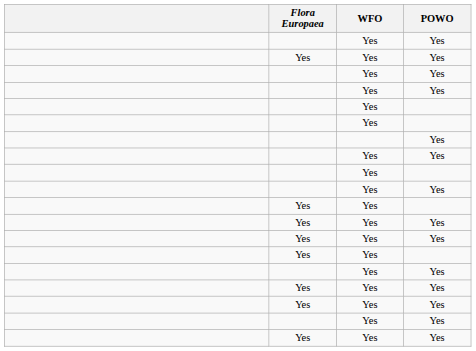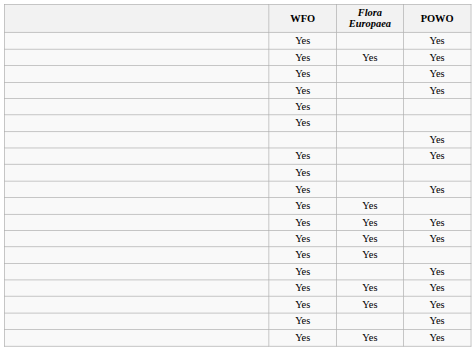 <table class="wikitable">
 <tr>
 <th style="width: 25em"></th>
+<th style="width: 6em"><strong>WFO</strong></th>
 <th style="width: 6em"><strong><em>Flora Europaea</em></strong></th>
-<th style="width: 6em"><strong>WFO</strong></th>
 <th style="width: 6em"><strong>POWO</strong></th>
 </tr>
 <tr>
 <td style="vertical-align: top; text-align: left"> </td>
+<td style="vertical-align: top; text-align: center">Yes</td>
 <td style="vertical-align: top; text-align: center"></td>
-<td style="vertical-align: top; text-align: center">Yes</td>
 <td style="vertical-align: top; text-align: center">Yes</td>
 </tr>
 <tr>
 <td style="vertical-align: top; text-align: left"> </td>
 <td style="vertical-align: top; text-align: center">Yes</td>
 <td style="vertical-align: top; text-align: center">Yes</td>
 <td style="vertical-align: top; text-align: center">Yes</td>
 </tr>
 <tr>
 <td style="vertical-align: top; text-align: left"> </td>
+<td style="vertical-align: top; text-align: center">Yes</td>
 <td style="vertical-align: top; text-align: center"></td>
-<td style="vertical-align: top; text-align: center">Yes</td>
 <td style="vertical-align: top; text-align: center">Yes</td>
 </tr>
 <tr>
 <td style="vertical-align: top; text-align: left"> </td>
+<td style="vertical-align: top; text-align: center">Yes</td>
 <td style="vertical-align: top; text-align: center"></td>
-<td style="vertical-align: top; text-align: center">Yes</td>
 <td style="vertical-align: top; text-align: center">Yes</td>
 </tr>
 <tr>
 <td style="vertical-align: top; text-align: left"> </td>
+<td style="vertical-align: top; text-align: center">Yes</td>
 <td style="vertical-align: top; text-align: center"></td>
-<td style="vertical-align: top; text-align: center">Yes</td>
 <td style="vertical-align: top; text-align: center"></td>
 </tr>
 <tr>
 <td style="vertical-align: top; text-align: left"> </td>
+<td style="vertical-align: top; text-align: center">Yes</td>
 <td style="vertical-align: top; text-align: center"></td>
-<td style="vertical-align: top; text-align: center">Yes</td>
 <td style="vertical-align: top; text-align: center"></td>
 </tr>
 <tr>
 <td style="vertical-align: top; text-align: left"> </td>
 <td style="vertical-align: top; text-align: center"></td>
 <td style="vertical-align: top; text-align: center"></td>
 <td style="vertical-align: top; text-align: center">Yes</td>
 </tr>
 <tr>
 <td style="vertical-align: top; text-align: left"> </td>
+<td style="vertical-align: top; text-align: center">Yes</td>
 <td style="vertical-align: top; text-align: center"></td>
-<td style="vertical-align: top; text-align: center">Yes</td>
 <td style="vertical-align: top; text-align: center">Yes</td>
 </tr>
 <tr>
 <td style="vertical-align: top; text-align: left"> </td>
+<td style="vertical-align: top; text-align: center">Yes</td>
 <td style="vertical-align: top; text-align: center"></td>
-<td style="vertical-align: top; text-align: center">Yes</td>
 <td style="vertical-align: top; text-align: center"></td>
 </tr>
 <tr>
 <td style="vertical-align: top; text-align: left"> </td>
+<td style="vertical-align: top; text-align: center">Yes</td>
 <td style="vertical-align: top; text-align: center"></td>
-<td style="vertical-align: top; text-align: center">Yes</td>
 <td style="vertical-align: top; text-align: center">Yes</td>
 </tr>
 <tr>
 <td style="vertical-align: top; text-align: left"> </td>
 <td style="vertical-align: top; text-align: center">Yes</td>
 <td style="vertical-align: top; text-align: center">Yes</td>
 <td style="vertical-align: top; text-align: center"></td>
 </tr>
 <tr>
 <td style="vertical-align: top; text-align: left"> </td>
 <td style="vertical-align: top; text-align: center">Yes</td>
 <td style="vertical-align: top; text-align: center">Yes</td>
 <td style="vertical-align: top; text-align: center">Yes</td>
 </tr>
 <tr>
 <td style="vertical-align: top; text-align: left"> </td>
 <td style="vertical-align: top; text-align: center">Yes</td>
 <td style="vertical-align: top; text-align: center">Yes</td>
 <td style="vertical-align: top; text-align: center">Yes</td>
 </tr>
 <tr>
 <td style="vertical-align: top; text-align: left"> </td>
 <td style="vertical-align: top; text-align: center">Yes</td>
 <td style="vertical-align: top; text-align: center">Yes</td>
 <td style="vertical-align: top; text-align: center"></td>
 </tr>
 <tr>
 <td style="vertical-align: top; text-align: left"> </td>
+<td style="vertical-align: top; text-align: center">Yes</td>
 <td style="vertical-align: top; text-align: center"></td>
-<td style="vertical-align: top; text-align: center">Yes</td>
 <td style="vertical-align: top; text-align: center">Yes</td>
 </tr>
 <tr>
 <td style="vertical-align: top; text-align: left"> </td>
 <td style="vertical-align: top; text-align: center">Yes</td>
 <td style="vertical-align: top; text-align: center">Yes</td>
 <td style="vertical-align: top; text-align: center">Yes</td>
 </tr>
 <tr>
 <td style="vertical-align: top; text-align: left"> </td>
 <td style="vertical-align: top; text-align: center">Yes</td>
 <td style="vertical-align: top; text-align: center">Yes</td>
 <td style="vertical-align: top; text-align: center">Yes</td>
 </tr>
 <tr>
 <td style="vertical-align: top; text-align: left"> </td>
+<td style="vertical-align: top; text-align: center">Yes</td>
 <td style="vertical-align: top; text-align: center"></td>
-<td style="vertical-align: top; text-align: center">Yes</td>
 <td style="vertical-align: top; text-align: center">Yes</td>
 </tr>
 <tr>
 <td style="vertical-align: top; text-align: left"> </td>
 <td style="vertical-align: top; text-align: center">Yes</td>
 <td style="vertical-align: top; text-align: center">Yes</td>
 <td style="vertical-align: top; text-align: center">Yes</td>
 </tr>
 </table>
